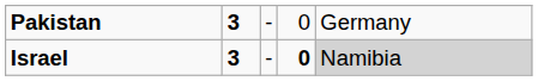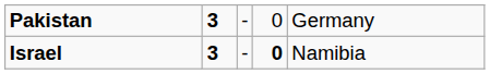 <table class="wikitable">
 <tr>
 <td width=150> <strong>Pakistan</strong></td>
 <td style="width:20px; text-align:left;"><strong>3</strong></td>
 <td>-</td>
 <td style="width:20px; text-align:right;">0</td>
 <td width=150> Germany</td>
 </tr>
 <tr>
 <td> <strong>Israel</strong></td>
 <td style="text-align:left;"><strong>3</strong></td>
 <td>-</td>
 <td style="text-align:right;"><strong>0</strong></td>
-<td style="background: lightgrey;"> Namibia</td>
+<td> Namibia</td>
 </tr>
 </table>
